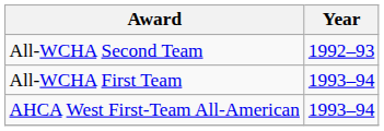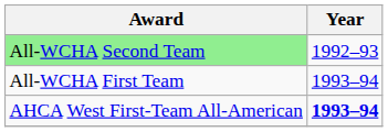 <table class="wikitable">
 <tr>
 <th>Award</th>
 <th>Year</th>
 </tr>
 <tr>
-<td>All-<a href='#'>WCHA</a> <a href='#'>Second Team</a></td>
+<td style="background: lightgreen;">All-<a href='#'>WCHA</a> <a href='#'>Second Team</a></td>
 <td><a href='#'>1992–93</a></td>
 </tr>
 <tr>
 <td>All-<a href='#'>WCHA</a> <a href='#'>First Team</a></td>
 <td><a href='#'>1993–94</a></td>
 </tr>
 <tr>
 <td><a href='#'>AHCA</a> <a href='#'>West First-Team All-American</a></td>
-<td><a href='#'>1993–94</a></td>
+<td><strong><a href='#'>1993–94</a></strong></td>
 </tr>
 <tr>
 </tr>
 </table>
